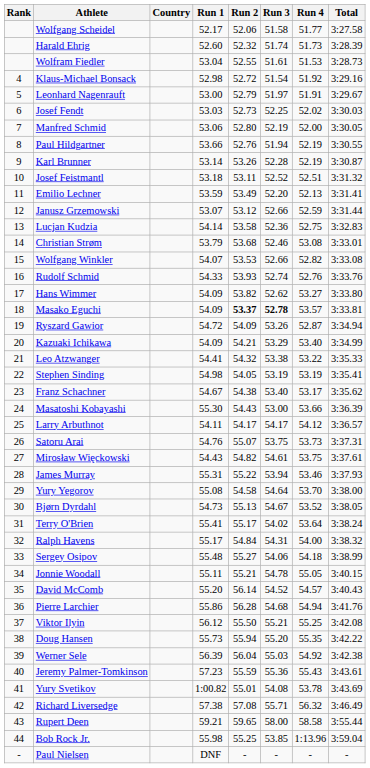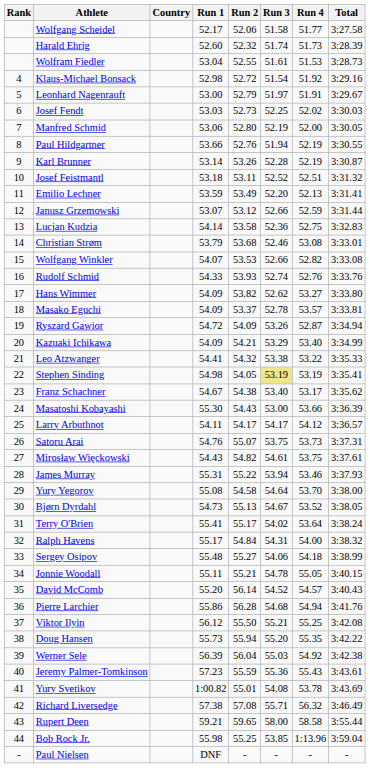 <table class="wikitable sortable" style="text-align:center">
 <tr>
 <th>Rank</th>
 <th>Athlete</th>
 <th>Country</th>
 <th>Run 1</th>
 <th>Run 2</th>
 <th>Run 3</th>
 <th>Run 4</th>
 <th>Total</th>
 </tr>
 <tr>
 <td></td>
 <td align=left><a href='#'>Wolfgang Scheidel</a></td>
 <td align=left></td>
 <td>52.17</td>
 <td>52.06</td>
 <td>51.58</td>
 <td>51.77</td>
 <td>3:27.58</td>
 </tr>
 <tr>
 <td></td>
 <td align=left><a href='#'>Harald Ehrig</a></td>
 <td align=left></td>
 <td>52.60</td>
 <td>52.32</td>
 <td>51.74</td>
 <td>51.73</td>
 <td>3:28.39</td>
 </tr>
 <tr>
 <td></td>
 <td align=left><a href='#'>Wolfram Fiedler</a></td>
 <td align=left></td>
 <td>53.04</td>
 <td>52.55</td>
 <td>51.61</td>
 <td>51.53</td>
 <td>3:28.73</td>
 </tr>
 <tr>
 <td>4</td>
 <td align=left><a href='#'>Klaus-Michael Bonsack</a></td>
 <td align=left></td>
 <td>52.98</td>
 <td>52.72</td>
 <td>51.54</td>
 <td>51.92</td>
 <td>3:29.16</td>
 </tr>
 <tr>
 <td>5</td>
 <td align=left><a href='#'>Leonhard Nagenrauft</a></td>
 <td align=left></td>
 <td>53.00</td>
 <td>52.79</td>
 <td>51.97</td>
 <td>51.91</td>
 <td>3:29.67</td>
 </tr>
 <tr>
 <td>6</td>
 <td align=left><a href='#'>Josef Fendt</a></td>
 <td align=left></td>
 <td>53.03</td>
 <td>52.73</td>
 <td>52.25</td>
 <td>52.02</td>
 <td>3:30.03</td>
 </tr>
 <tr>
 <td>7</td>
 <td align=left><a href='#'>Manfred Schmid</a></td>
 <td align=left></td>
 <td>53.06</td>
 <td>52.80</td>
 <td>52.19</td>
 <td>52.00</td>
 <td>3:30.05</td>
 </tr>
 <tr>
 <td>8</td>
 <td align=left><a href='#'>Paul Hildgartner</a></td>
 <td align=left></td>
 <td>53.66</td>
 <td>52.76</td>
 <td>51.94</td>
 <td>52.19</td>
 <td>3:30.55</td>
 </tr>
 <tr>
 <td>9</td>
 <td align=left><a href='#'>Karl Brunner</a></td>
 <td align=left></td>
 <td>53.14</td>
 <td>53.26</td>
 <td>52.28</td>
 <td>52.19</td>
 <td>3:30.87</td>
 </tr>
 <tr>
 <td>10</td>
 <td align=left><a href='#'>Josef Feistmantl</a></td>
 <td align=left></td>
 <td>53.18</td>
 <td>53.11</td>
 <td>52.52</td>
 <td>52.51</td>
 <td>3:31.32</td>
 </tr>
 <tr>
 <td>11</td>
 <td align=left><a href='#'>Emilio Lechner</a></td>
 <td align=left></td>
 <td>53.59</td>
 <td>53.49</td>
 <td>52.20</td>
 <td>52.13</td>
 <td>3:31.41</td>
 </tr>
 <tr>
 <td>12</td>
 <td align=left><a href='#'>Janusz Grzemowski</a></td>
 <td align=left></td>
 <td>53.07</td>
 <td>53.12</td>
 <td>52.66</td>
 <td>52.59</td>
 <td>3:31.44</td>
 </tr>
 <tr>
 <td>13</td>
 <td align=left><a href='#'>Lucjan Kudzia</a></td>
 <td align=left></td>
 <td>54.14</td>
 <td>53.58</td>
 <td>52.36</td>
 <td>52.75</td>
 <td>3:32.83</td>
 </tr>
 <tr>
 <td>14</td>
 <td align=left><a href='#'>Christian Strøm</a></td>
 <td align=left></td>
 <td>53.79</td>
 <td>53.68</td>
 <td>52.46</td>
 <td>53.08</td>
 <td>3:33.01</td>
 </tr>
 <tr>
 <td>15</td>
 <td align=left><a href='#'>Wolfgang Winkler</a></td>
 <td align=left></td>
 <td>54.07</td>
 <td>53.53</td>
 <td>52.66</td>
 <td>52.82</td>
 <td>3:33.08</td>
 </tr>
 <tr>
 <td>16</td>
 <td align=left><a href='#'>Rudolf Schmid</a></td>
 <td align=left></td>
 <td>54.33</td>
 <td>53.93</td>
 <td>52.74</td>
 <td>52.76</td>
 <td>3:33.76</td>
 </tr>
 <tr>
 <td>17</td>
 <td align=left><a href='#'>Hans Wimmer</a></td>
 <td align=left></td>
 <td>54.09</td>
 <td>53.82</td>
 <td>52.62</td>
 <td>53.27</td>
 <td>3:33.80</td>
 </tr>
 <tr>
 <td>18</td>
 <td align=left><a href='#'>Masako Eguchi</a></td>
 <td align=left></td>
 <td>54.09</td>
-<td><strong>53.37</strong></td>
-<td><strong>52.78</strong></td>
+<td>53.37</td>
+<td>52.78</td>
 <td>53.57</td>
 <td>3:33.81</td>
 </tr>
 <tr>
 <td>19</td>
 <td align=left><a href='#'>Ryszard Gawior</a></td>
 <td align=left></td>
 <td>54.72</td>
 <td>54.09</td>
 <td>53.26</td>
 <td>52.87</td>
 <td>3:34.94</td>
 </tr>
 <tr>
 <td>20</td>
 <td align=left><a href='#'>Kazuaki Ichikawa</a></td>
 <td align=left></td>
 <td>54.09</td>
 <td>54.21</td>
 <td>53.29</td>
 <td>53.40</td>
 <td>3:34.99</td>
 </tr>
 <tr>
 <td>21</td>
 <td align=left><a href='#'>Leo Atzwanger</a></td>
 <td align=left></td>
 <td>54.41</td>
 <td>54.32</td>
 <td>53.38</td>
 <td>53.22</td>
 <td>3:35.33</td>
 </tr>
 <tr>
 <td>22</td>
 <td align=left><a href='#'>Stephen Sinding</a></td>
 <td align=left></td>
 <td>54.98</td>
 <td>54.05</td>
-<td>53.19</td>
+<td style="background: khaki;">53.19</td>
 <td>53.19</td>
 <td>3:35.41</td>
 </tr>
 <tr>
 <td>23</td>
 <td align=left><a href='#'>Franz Schachner</a></td>
 <td align=left></td>
 <td>54.67</td>
 <td>54.38</td>
 <td>53.40</td>
 <td>53.17</td>
 <td>3:35.62</td>
 </tr>
 <tr>
 <td>24</td>
 <td align=left><a href='#'>Masatoshi Kobayashi</a></td>
 <td align=left></td>
 <td>55.30</td>
 <td>54.43</td>
 <td>53.00</td>
 <td>53.66</td>
 <td>3:36.39</td>
 </tr>
 <tr>
 <td>25</td>
 <td align=left><a href='#'>Larry Arbuthnot</a></td>
 <td align=left></td>
 <td>54.11</td>
 <td>54.17</td>
 <td>54.17</td>
 <td>54.12</td>
 <td>3:36.57</td>
 </tr>
 <tr>
 <td>26</td>
 <td align=left><a href='#'>Satoru Arai</a></td>
 <td align=left></td>
 <td>54.76</td>
 <td>55.07</td>
 <td>53.75</td>
 <td>53.73</td>
 <td>3:37.31</td>
 </tr>
 <tr>
 <td>27</td>
 <td align=left><a href='#'>Mirosław Więckowski</a></td>
 <td align=left></td>
 <td>54.43</td>
 <td>54.82</td>
 <td>54.61</td>
 <td>53.75</td>
 <td>3:37.61</td>
 </tr>
 <tr>
 <td>28</td>
 <td align=left><a href='#'>James Murray</a></td>
 <td align=left></td>
 <td>55.31</td>
 <td>55.22</td>
 <td>53.94</td>
 <td>53.46</td>
 <td>3:37.93</td>
 </tr>
 <tr>
 <td>29</td>
 <td align=left><a href='#'>Yury Yegorov</a></td>
 <td align=left></td>
 <td>55.08</td>
 <td>54.58</td>
 <td>54.64</td>
 <td>53.70</td>
 <td>3:38.00</td>
 </tr>
 <tr>
 <td>30</td>
 <td align=left><a href='#'>Bjørn Dyrdahl</a></td>
 <td align=left></td>
 <td>54.73</td>
 <td>55.13</td>
 <td>54.67</td>
 <td>53.52</td>
 <td>3:38.05</td>
 </tr>
 <tr>
 <td>31</td>
 <td align=left><a href='#'>Terry O'Brien</a></td>
 <td align=left></td>
 <td>55.41</td>
 <td>55.17</td>
 <td>54.02</td>
 <td>53.64</td>
 <td>3:38.24</td>
 </tr>
 <tr>
 <td>32</td>
 <td align=left><a href='#'>Ralph Havens</a></td>
 <td align=left></td>
 <td>55.17</td>
 <td>54.84</td>
 <td>54.31</td>
 <td>54.00</td>
 <td>3:38.32</td>
 </tr>
 <tr>
 <td>33</td>
 <td align=left><a href='#'>Sergey Osipov</a></td>
 <td align=left></td>
 <td>55.48</td>
 <td>55.27</td>
 <td>54.06</td>
 <td>54.18</td>
 <td>3:38.99</td>
 </tr>
 <tr>
 <td>34</td>
 <td align=left><a href='#'>Jonnie Woodall</a></td>
 <td align=left></td>
 <td>55.11</td>
 <td>55.21</td>
 <td>54.78</td>
 <td>55.05</td>
 <td>3:40.15</td>
 </tr>
 <tr>
 <td>35</td>
 <td align=left><a href='#'>David McComb</a></td>
 <td align=left></td>
 <td>55.20</td>
 <td>56.14</td>
 <td>54.52</td>
 <td>54.57</td>
 <td>3:40.43</td>
 </tr>
 <tr>
 <td>36</td>
 <td align=left><a href='#'>Pierre Larchier</a></td>
 <td align=left></td>
 <td>55.86</td>
 <td>56.28</td>
 <td>54.68</td>
 <td>54.94</td>
 <td>3:41.76</td>
 </tr>
 <tr>
 <td>37</td>
 <td align=left><a href='#'>Viktor Ilyin</a></td>
 <td align=left></td>
 <td>56.12</td>
 <td>55.50</td>
 <td>55.21</td>
 <td>55.25</td>
 <td>3:42.08</td>
 </tr>
 <tr>
 <td>38</td>
 <td align=left><a href='#'>Doug Hansen</a></td>
 <td align=left></td>
 <td>55.73</td>
 <td>55.94</td>
 <td>55.20</td>
 <td>55.35</td>
 <td>3:42.22</td>
 </tr>
 <tr>
 <td>39</td>
 <td align=left><a href='#'>Werner Sele</a></td>
 <td align=left></td>
 <td>56.39</td>
 <td>56.04</td>
 <td>55.03</td>
 <td>54.92</td>
 <td>3:42.38</td>
 </tr>
 <tr>
 <td>40</td>
 <td align=left><a href='#'>Jeremy Palmer-Tomkinson</a></td>
 <td align=left></td>
 <td>57.23</td>
 <td>55.59</td>
 <td>55.36</td>
 <td>55.43</td>
 <td>3:43.61</td>
 </tr>
 <tr>
 <td>41</td>
 <td align=left><a href='#'>Yury Svetikov</a></td>
 <td align=left></td>
 <td>1:00.82</td>
 <td>55.01</td>
 <td>54.08</td>
 <td>53.78</td>
 <td>3:43.69</td>
 </tr>
 <tr>
 <td>42</td>
 <td align=left><a href='#'>Richard Liversedge</a></td>
 <td align=left></td>
 <td>57.38</td>
 <td>57.08</td>
 <td>55.71</td>
 <td>56.32</td>
 <td>3:46.49</td>
 </tr>
 <tr>
 <td>43</td>
 <td align=left><a href='#'>Rupert Deen</a></td>
 <td align=left></td>
 <td>59.21</td>
 <td>59.65</td>
 <td>58.00</td>
 <td>58.58</td>
 <td>3:55.44</td>
 </tr>
 <tr>
 <td>44</td>
 <td align=left><a href='#'>Bob Rock Jr.</a></td>
 <td align=left></td>
 <td>55.98</td>
 <td>55.25</td>
 <td>53.85</td>
 <td>1:13.96</td>
 <td>3:59.04</td>
 </tr>
 <tr>
 <td>-</td>
 <td align=left><a href='#'>Paul Nielsen</a></td>
 <td align=left></td>
 <td>DNF</td>
 <td>-</td>
 <td>-</td>
 <td>-</td>
 <td>-</td>
 </tr>
 </table>
